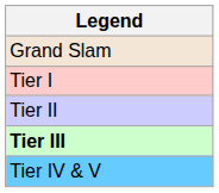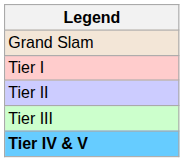 <table class="wikitable" style="font-size:90%;" width=10%>
 <tr>
 <th>Legend</th>
 </tr>
 <tr style="background:#f3e6d7;">
 <td>Grand Slam</td>
 </tr>
 <tr style="background:#fcc;">
 <td>Tier I</td>
 </tr>
 <tr style="background:#ccf;">
 <td>Tier II</td>
 </tr>
 <tr style="background:#cfc;">
-<td><strong>Tier III</strong></td>
+<td>Tier III</td>
 </tr>
 <tr style="background:#6cf;">
-<td>Tier IV & V</td>
+<td><strong>Tier IV & V</strong></td>
 </tr>
 </table>
